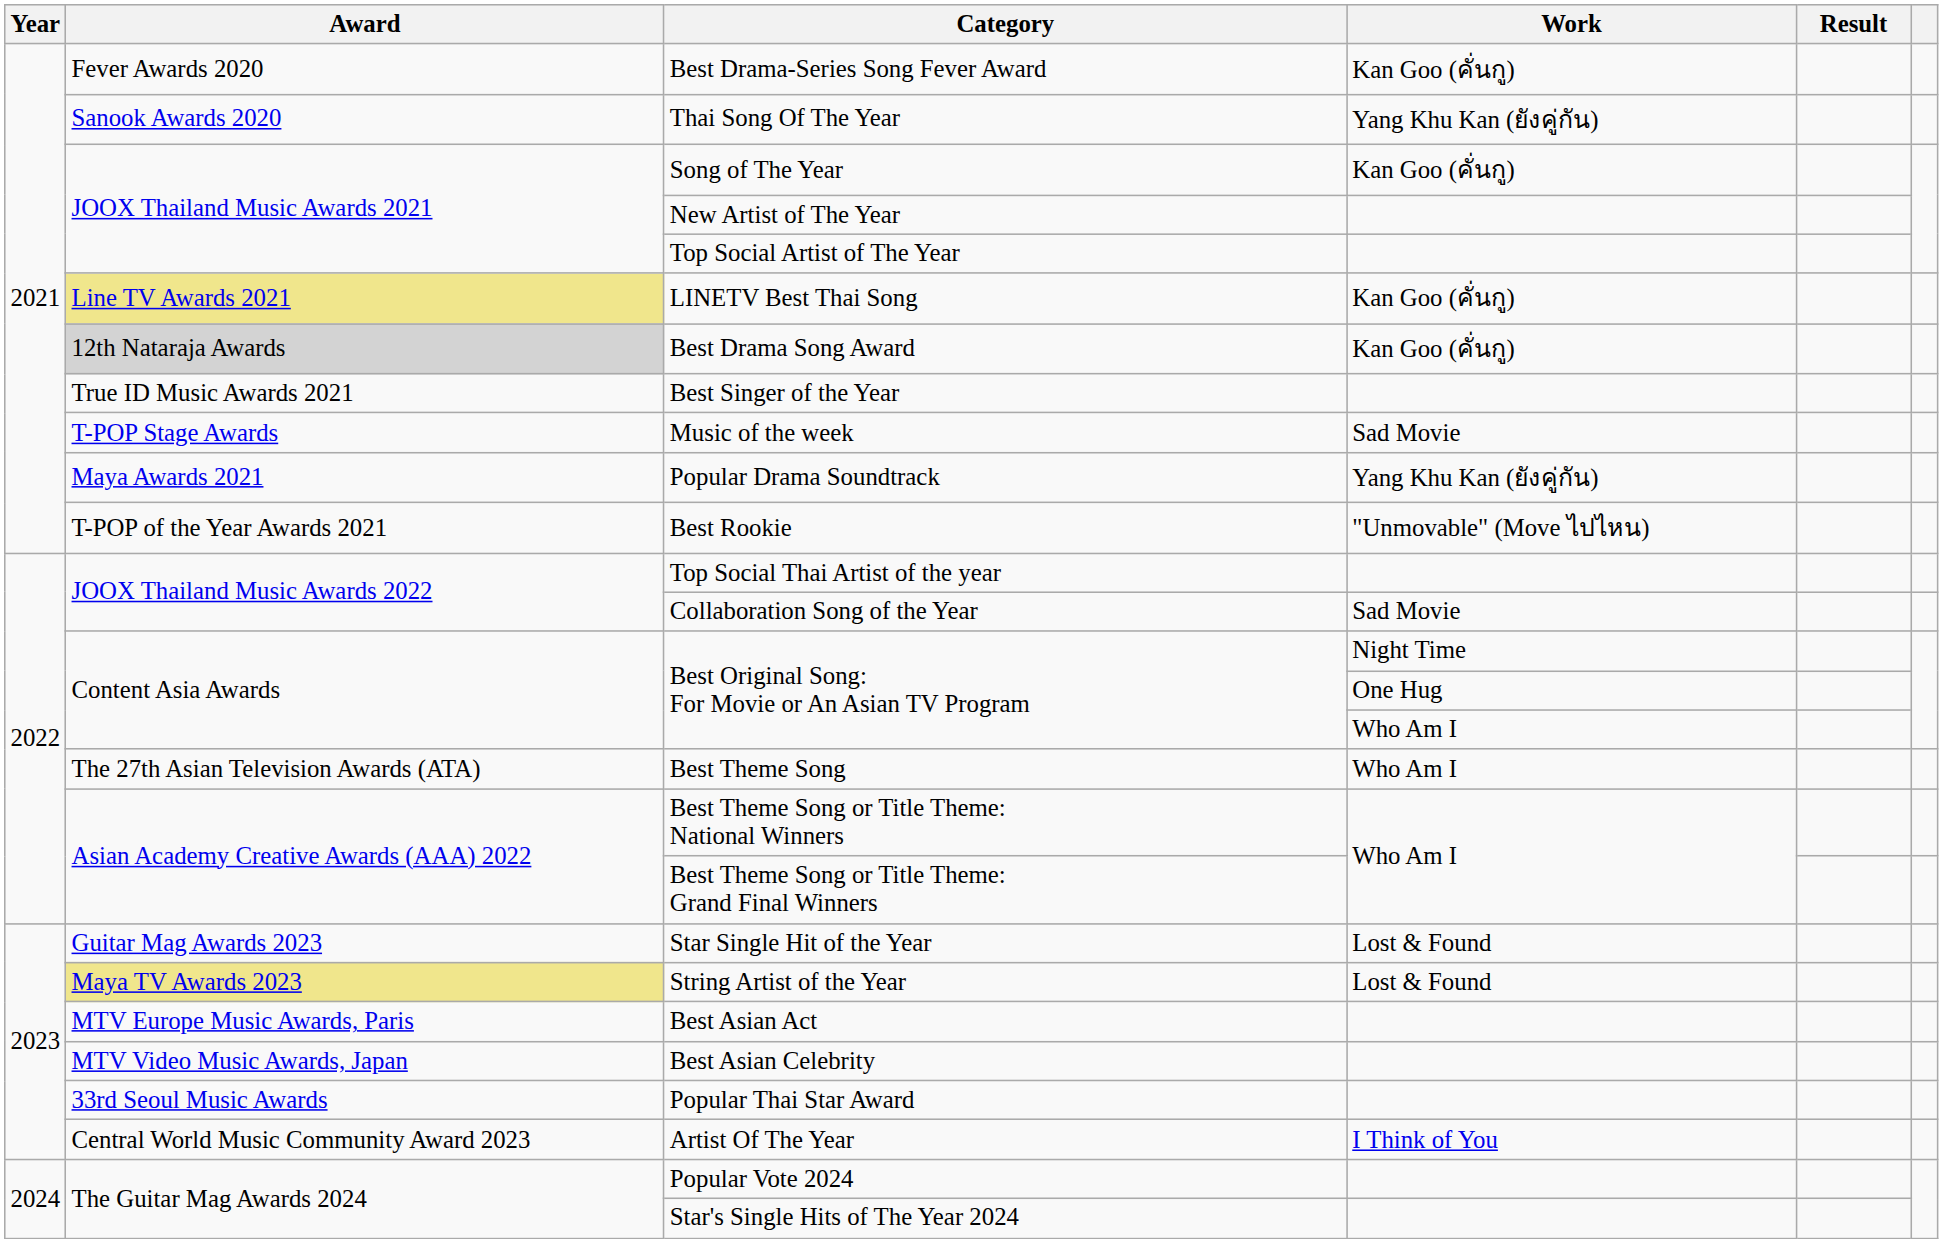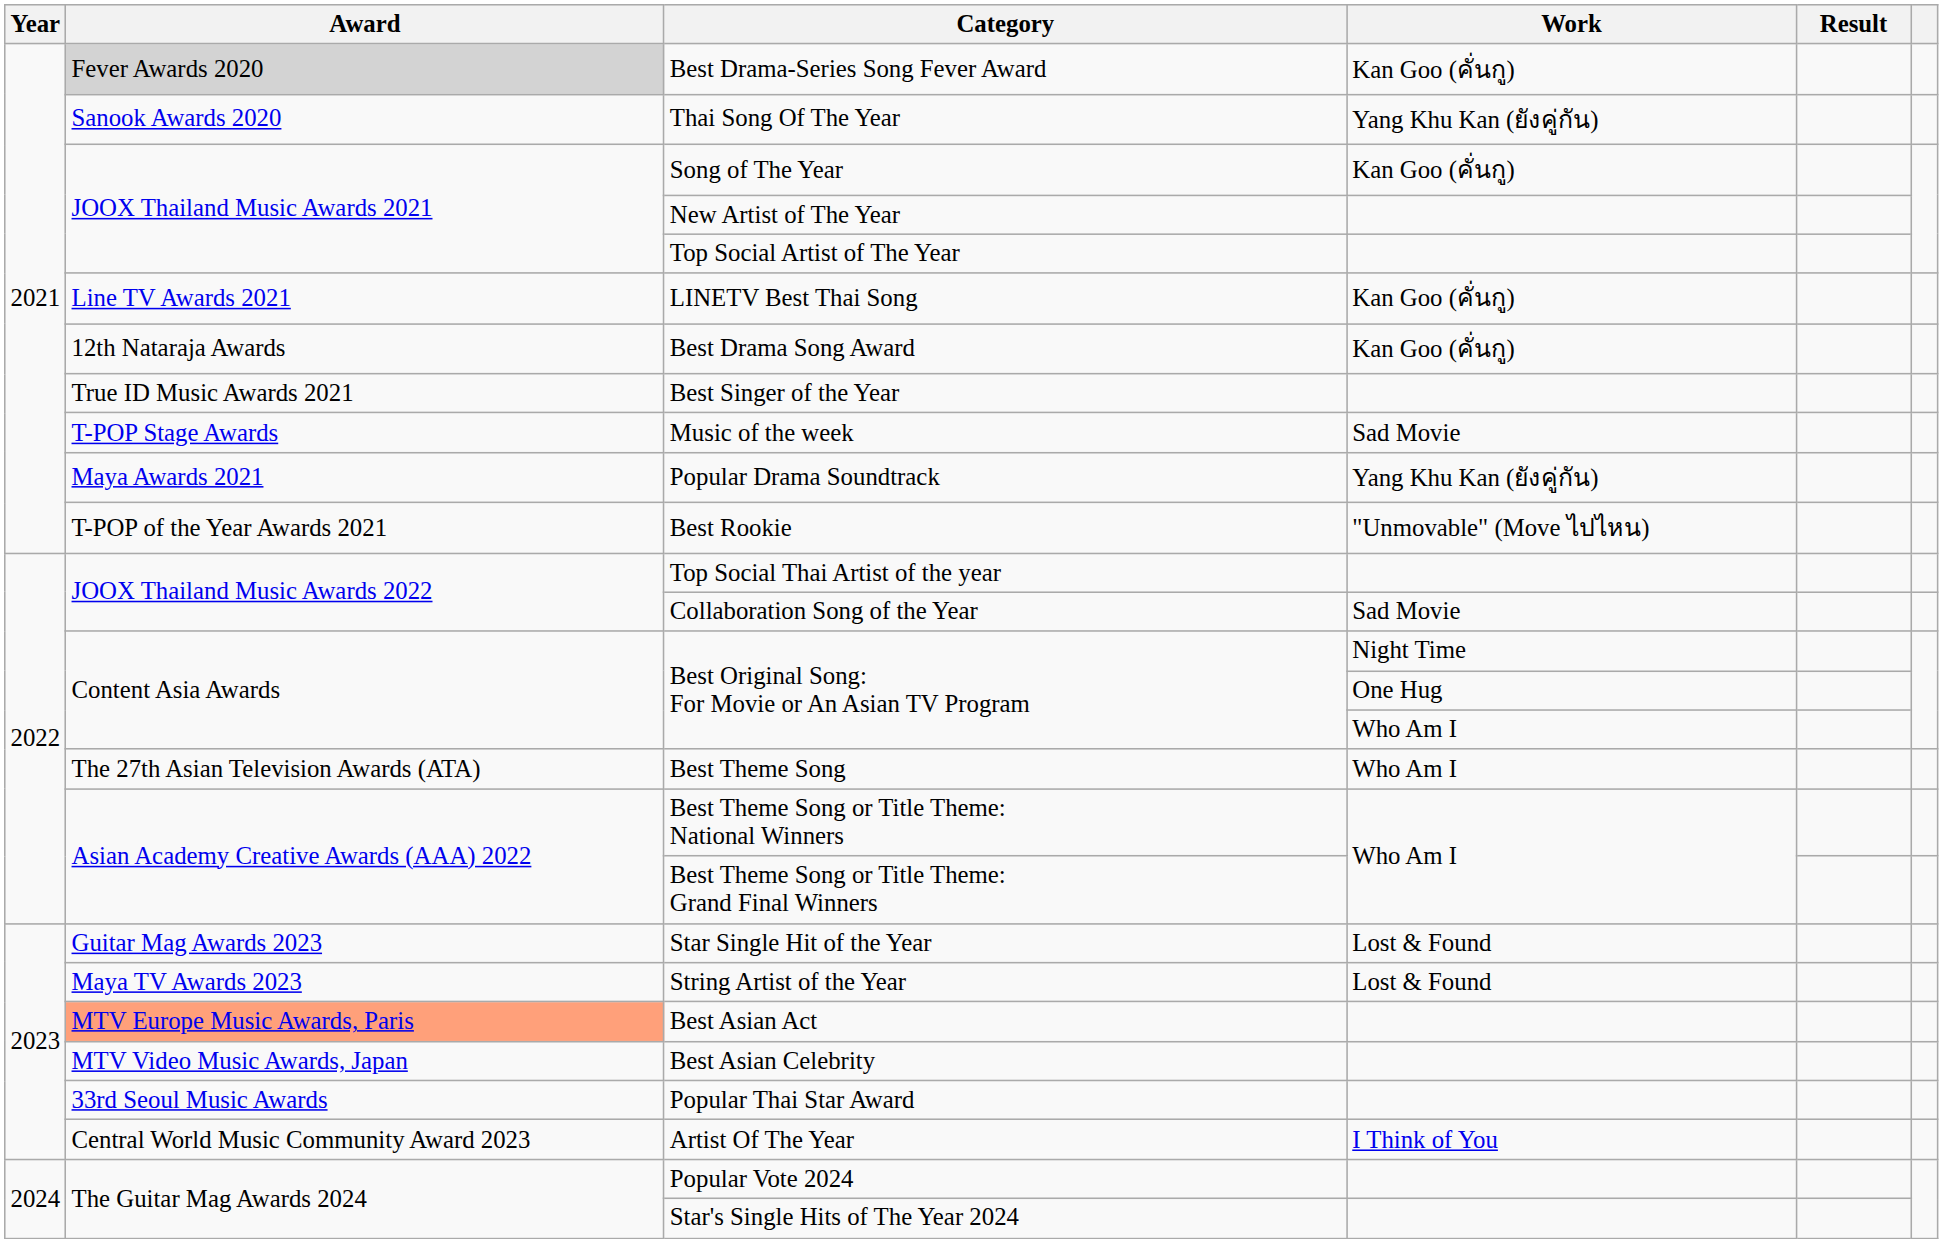 <table class="wikitable sortable">
 <tr>
 <th scope="col" style="width:1em;">Year</th>
 <th scope="col" style="width:35em;">Award</th>
 <th scope="col" style="width:40em;">Category</th>
 <th scope="col" style="width:25em;">Work</th>
 <th scope="col" style="width:5em;">Result</th>
 <th scope="col" style="width:1em;" class="unsortable"></th>
 </tr>
 <tr>
 <td rowspan="11">2021</td>
-<td>Fever Awards 2020</td>
+<td style="background: lightgrey;">Fever Awards 2020</td>
 <td>Best Drama-Series Song Fever Award</td>
 <td>Kan Goo (คั่นกู)<br></td>
 <td></td>
 <td></td>
 </tr>
 <tr>
 <td><a href='#'>Sanook Awards 2020</a></td>
 <td>Thai Song Of The Year</td>
 <td>Yang Khu Kan (ยังคู่กัน)<br></td>
 <td></td>
 <td></td>
 </tr>
 <tr>
 <td rowspan="3"><a href='#'>JOOX Thailand Music Awards 2021</a></td>
 <td>Song of The Year</td>
 <td>Kan Goo (คั่นกู)<br></td>
 <td></td>
 <td rowspan="3"></td>
 </tr>
 <tr>
 <td>New Artist of The Year</td>
 <td></td>
 <td></td>
 </tr>
 <tr>
 <td>Top Social Artist of The Year</td>
 <td></td>
 <td></td>
 </tr>
 <tr>
-<td style="background: khaki;"><a href='#'>Line TV Awards 2021</a></td>
+<td><a href='#'>Line TV Awards 2021</a></td>
 <td>LINETV Best Thai Song</td>
 <td>Kan Goo (คั่นกู)<br></td>
 <td></td>
 <td></td>
 </tr>
 <tr>
-<td style="background: lightgrey;">12th Nataraja Awards</td>
+<td>12th Nataraja Awards</td>
 <td>Best Drama Song Award</td>
 <td>Kan Goo (คั่นกู)<br></td>
 <td></td>
 <td></td>
 </tr>
 <tr>
 <td>True ID Music Awards 2021</td>
 <td>Best Singer of the Year</td>
 <td></td>
 <td></td>
 <td></td>
 </tr>
 <tr>
 <td><a href='#'>T-POP Stage Awards</a></td>
 <td>Music of the week</td>
 <td>Sad Movie<br></td>
 <td></td>
 <td></td>
 </tr>
 <tr>
 <td><a href='#'>Maya Awards 2021</a></td>
 <td>Popular Drama Soundtrack</td>
 <td>Yang Khu Kan (ยังคู่กัน)<br></td>
 <td></td>
 <td></td>
 </tr>
 <tr>
 <td>T-POP of the Year Awards 2021</td>
 <td>Best Rookie</td>
 <td>"Unmovable" (Move ไปไหน)</td>
 <td></td>
 <td></td>
 </tr>
 <tr>
 <td rowspan="8">2022</td>
 <td rowspan="2"><a href='#'>JOOX Thailand Music Awards 2022</a></td>
 <td>Top Social Thai Artist of the year</td>
 <td></td>
 <td></td>
 <td></td>
 </tr>
 <tr>
 <td>Collaboration Song of the Year</td>
 <td>Sad Movie<br></td>
 <td></td>
 <td></td>
 </tr>
 <tr>
 <td rowspan="3">Content Asia Awards</td>
 <td rowspan="3">Best Original Song:<br>For Movie or An Asian TV Program</td>
 <td>Night Time <br></td>
 <td></td>
 <td rowspan="3"></td>
 </tr>
 <tr>
 <td>One Hug <br></td>
 <td></td>
 </tr>
 <tr>
 <td>Who Am I <br></td>
 <td></td>
 </tr>
 <tr>
 <td>The 27th Asian Television Awards (ATA)</td>
 <td>Best Theme Song</td>
 <td>Who Am I <br></td>
 <td></td>
 <td></td>
 </tr>
 <tr>
 <td rowspan="2"><a href='#'>Asian Academy Creative Awards (AAA) 2022</a></td>
 <td>Best Theme Song or Title Theme:<br>National Winners</td>
 <td rowspan="2">Who Am I<br></td>
 <td></td>
 <td></td>
 </tr>
 <tr>
 <td>Best Theme Song or Title Theme:<br>Grand Final Winners</td>
 <td></td>
 <td></td>
 </tr>
 <tr>
 <td rowspan=6>2023</td>
 <td><a href='#'>Guitar Mag Awards 2023</a></td>
 <td>Star Single Hit of the Year</td>
 <td>Lost & Found</td>
 <td></td>
 <td></td>
 </tr>
 <tr>
-<td style="background: khaki;"><a href='#'>Maya TV Awards 2023</a></td>
+<td><a href='#'>Maya TV Awards 2023</a></td>
 <td>String Artist of the Year</td>
 <td>Lost & Found</td>
 <td></td>
 <td></td>
 </tr>
 <tr>
-<td><a href='#'>MTV Europe Music Awards, Paris</a></td>
+<td style="background: lightsalmon;"><a href='#'>MTV Europe Music Awards, Paris</a></td>
 <td>Best Asian Act</td>
 <td></td>
 <td></td>
 <td></td>
 </tr>
 <tr>
 <td><a href='#'>MTV Video Music Awards, Japan</a></td>
 <td>Best Asian Celebrity</td>
 <td></td>
 <td></td>
 <td></td>
 </tr>
 <tr>
 <td><a href='#'>33rd Seoul Music Awards</a></td>
 <td>Popular Thai Star Award</td>
 <td></td>
 <td></td>
 <td></td>
 </tr>
 <tr>
 <td>Central World Music Community Award 2023</td>
 <td>Artist Of The Year</td>
 <td><a href='#'>I Think of You</a></td>
 <td></td>
 <td></td>
 </tr>
 <tr>
 <td rowspan="2">2024</td>
 <td rowspan="2">The Guitar Mag Awards 2024</td>
 <td>Popular Vote 2024</td>
 <td></td>
 <td></td>
 <td rowspan="2"></td>
 </tr>
 <tr>
 <td>Star's Single Hits of The Year 2024</td>
 <td></td>
 <td></td>
 </tr>
 </table>
